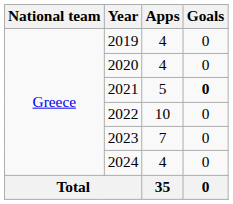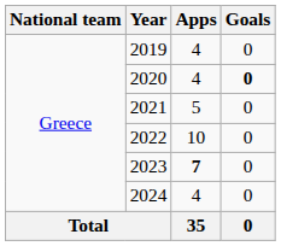 <table class="wikitable" style="text-align:center">
 <tr>
 <th>National team</th>
 <th>Year</th>
 <th>Apps</th>
 <th>Goals</th>
 </tr>
 <tr>
 <td rowspan="6"><a href='#'>Greece</a></td>
 <td>2019</td>
 <td>4</td>
 <td>0</td>
 </tr>
 <tr>
 <td>2020</td>
 <td>4</td>
-<td>0</td>
+<td><strong>0</strong></td>
 </tr>
 <tr>
 <td>2021</td>
 <td>5</td>
-<td><strong>0</strong></td>
+<td>0</td>
 </tr>
 <tr>
 <td>2022</td>
 <td>10</td>
 <td>0</td>
 </tr>
 <tr>
 <td>2023</td>
-<td>7</td>
+<td><strong>7</strong></td>
 <td>0</td>
 </tr>
 <tr>
 <td>2024</td>
 <td>4</td>
 <td>0</td>
 </tr>
 <tr>
 <th colspan="2">Total</th>
 <th>35</th>
 <th>0</th>
 </tr>
 </table>
